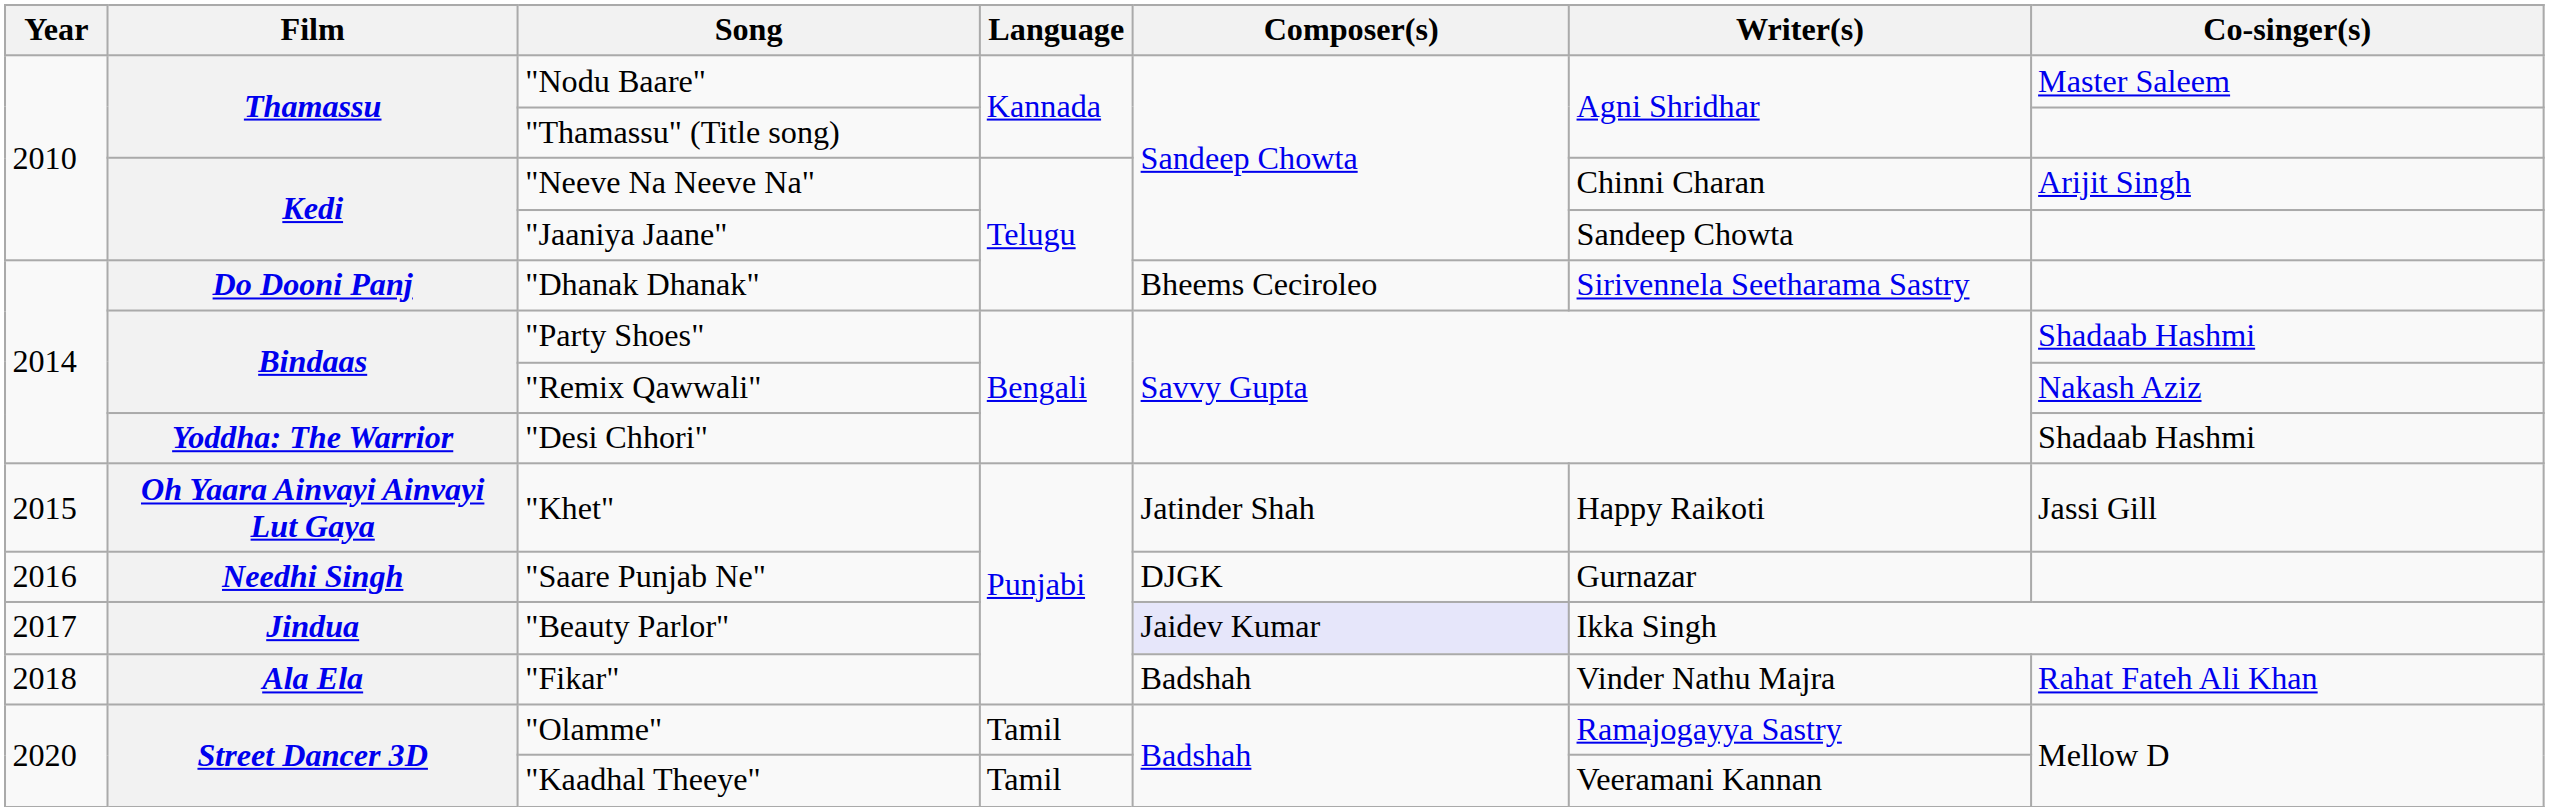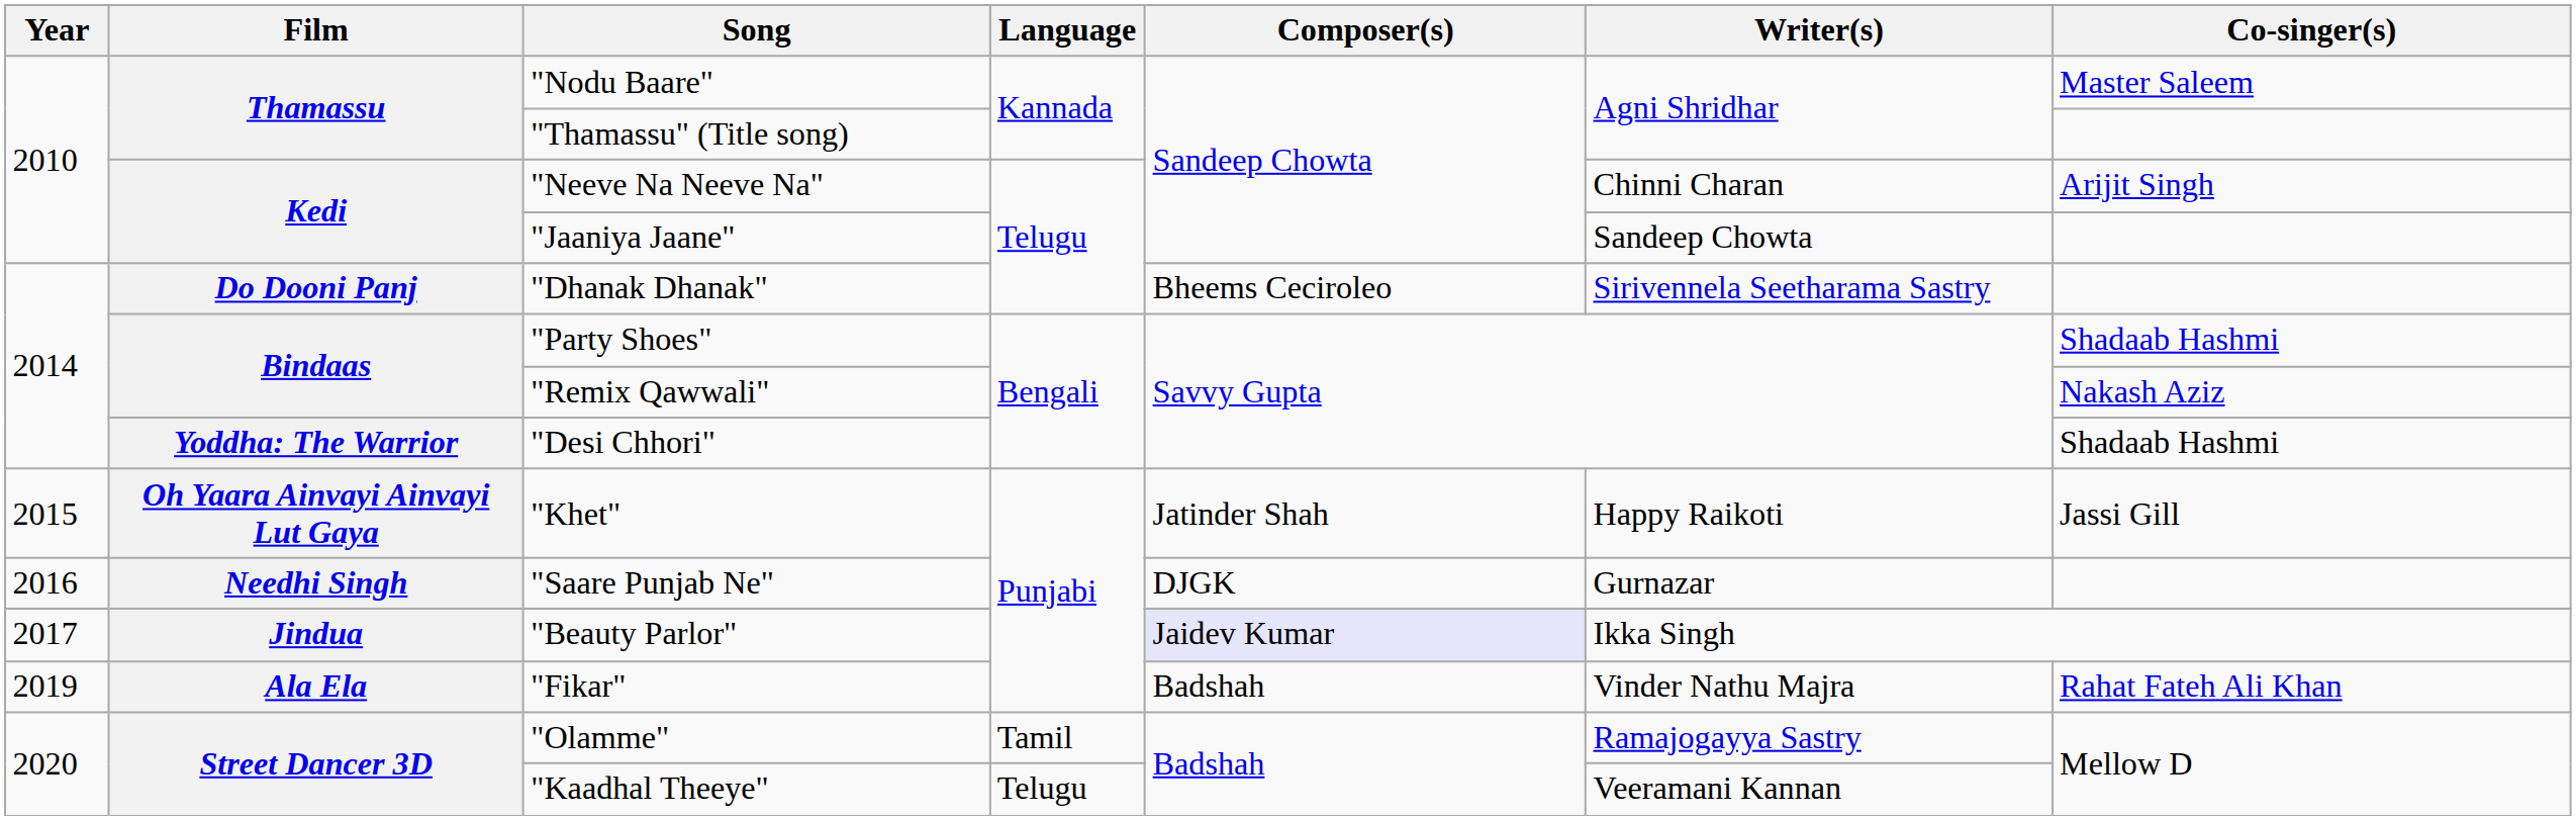 <table class="wikitable plainrowheaders" width="100%">
 <tr>
 <th width=4%>Year</th>
 <th width=16%>Film</th>
 <th width=18%>Song</th>
 <th width=6%>Language</th>
 <th width=17%>Composer(s)</th>
 <th width=18%>Writer(s)</th>
 <th width=20%>Co-singer(s)</th>
 </tr>
 <tr>
 <td rowspan="4">2010</td>
 <th scope=row rowspan=2><em><a href='#'>Thamassu</a></em></th>
 <td>"Nodu Baare"</td>
 <td rowspan=2><a href='#'>Kannada</a></td>
 <td rowspan=4><a href='#'>Sandeep Chowta</a></td>
 <td rowspan=2><a href='#'>Agni Shridhar</a></td>
 <td><a href='#'>Master Saleem</a></td>
 </tr>
 <tr>
 <td>"Thamassu" (Title song)</td>
 <td></td>
 </tr>
 <tr>
 <th scope=row rowspan=2><em><a href='#'>Kedi</a></em></th>
 <td>"Neeve Na Neeve Na"</td>
 <td rowspan=3><a href='#'>Telugu</a></td>
 <td>Chinni Charan</td>
 <td><a href='#'>Arijit Singh</a></td>
 </tr>
 <tr>
 <td>"Jaaniya Jaane"</td>
 <td>Sandeep Chowta</td>
 <td></td>
 </tr>
 <tr>
 <td rowspan="4">2014</td>
 <th scope=row><em><a href='#'>Do Dooni Panj</a></em></th>
 <td>"Dhanak Dhanak"</td>
 <td>Bheems Ceciroleo</td>
 <td><a href='#'>Sirivennela Seetharama Sastry</a></td>
 <td></td>
 </tr>
 <tr>
 <th scope=row rowspan=2><em><a href='#'>Bindaas</a></em></th>
 <td>"Party Shoes"</td>
 <td rowspan="3"><a href='#'>Bengali</a></td>
 <td rowspan=3 colspan=2><a href='#'>Savvy Gupta</a></td>
 <td><a href='#'>Shadaab Hashmi</a></td>
 </tr>
 <tr>
 <td>"Remix Qawwali"</td>
 <td><a href='#'>Nakash Aziz</a></td>
 </tr>
 <tr>
 <th scope=row><em><a href='#'>Yoddha: The Warrior</a></em></th>
 <td>"Desi Chhori"</td>
 <td>Shadaab Hashmi</td>
 </tr>
 <tr>
 <td>2015</td>
 <th scope=row><em><a href='#'>Oh Yaara Ainvayi Ainvayi Lut Gaya</a></em></th>
 <td>"Khet"</td>
 <td rowspan="4"><a href='#'>Punjabi</a></td>
 <td>Jatinder Shah</td>
 <td>Happy Raikoti</td>
 <td>Jassi Gill</td>
 </tr>
 <tr>
 <td>2016</td>
 <th scope=row><em><a href='#'>Needhi Singh</a></em></th>
 <td>"Saare Punjab Ne"</td>
 <td>DJGK</td>
 <td>Gurnazar</td>
 <td></td>
 </tr>
 <tr>
 <td>2017</td>
 <th scope=row><em><a href='#'>Jindua</a></em></th>
 <td>"Beauty Parlor"</td>
 <td style="background: lavender;">Jaidev Kumar</td>
 <td colspan="2">Ikka Singh</td>
 </tr>
 <tr>
-<td>2018</td>
+<td>2019</td>
 <th scope=row><em><a href='#'>Ala Ela</a></em></th>
 <td>"Fikar"</td>
 <td>Badshah</td>
 <td>Vinder Nathu Majra</td>
 <td><a href='#'>Rahat Fateh Ali Khan</a></td>
 </tr>
 <tr>
 <td rowspan=2>2020</td>
 <th scope=row rowspan=2><em><a href='#'>Street Dancer 3D</a></em></th>
 <td>"Olamme"</td>
 <td>Tamil</td>
 <td rowspan="2"><a href='#'>Badshah</a></td>
 <td><a href='#'>Ramajogayya Sastry</a></td>
 <td rowspan="2">Mellow D</td>
 </tr>
 <tr>
 <td>"Kaadhal Theeye"</td>
-<td>Tamil</td>
+<td>Telugu</td>
 <td>Veeramani Kannan</td>
 </tr>
 </table>
